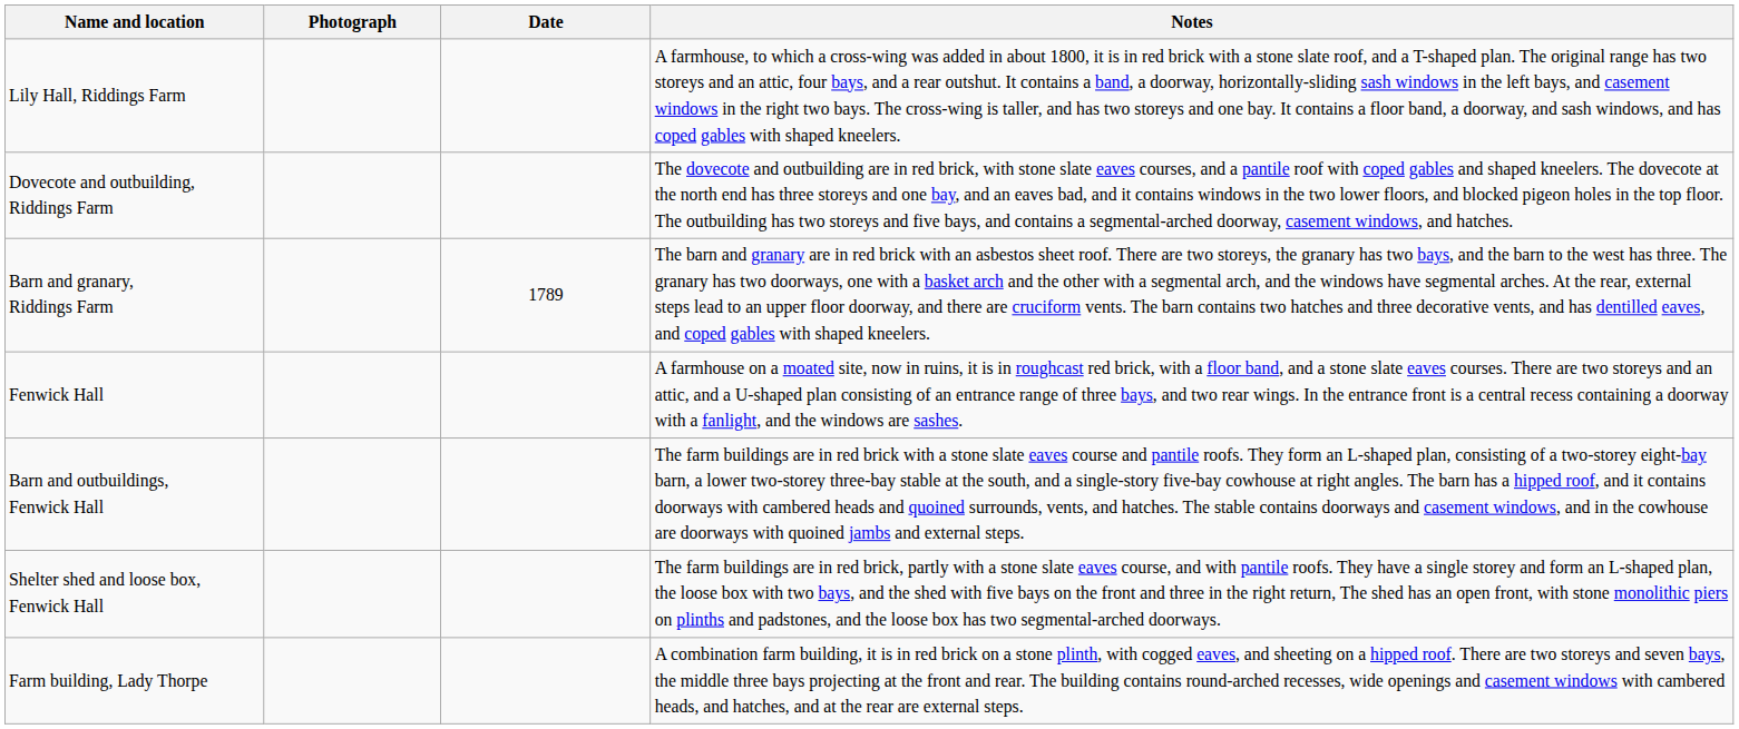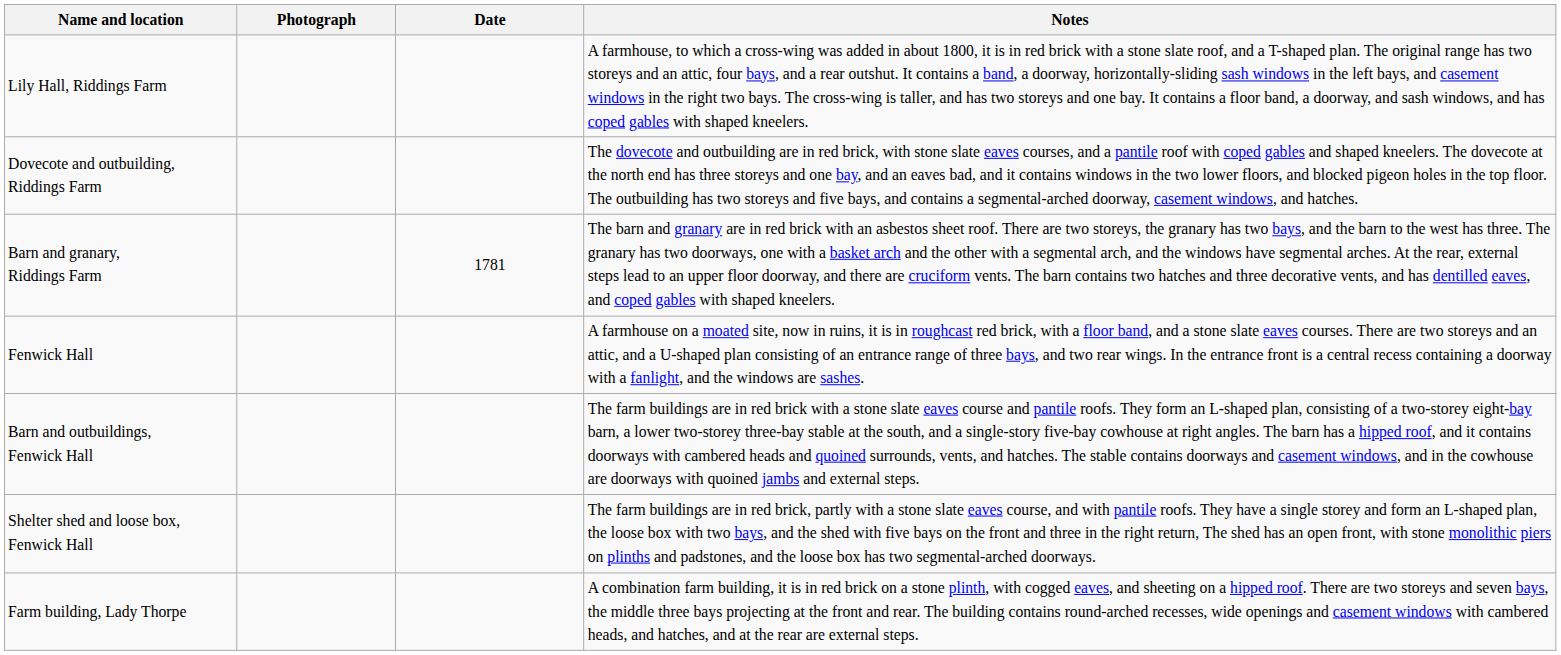 <table class="wikitable sortable plainrowheaders" style="width:100%;border:0px;text-align:left;line-height:150%;">
 <tr>
 <th scope="col"  style="width:150px">Name and location</th>
 <th scope="col"  style="width:100px" class="unsortable">Photograph</th>
 <th scope="col"  style="width:120px">Date</th>
 <th scope="col"  style="width:650px" class="unsortable">Notes</th>
 </tr>
 <tr>
 <td>Lily Hall, Riddings Farm<br><small></small></td>
 <td></td>
 <td align="center"></td>
 <td>A farmhouse, to which a cross-wing was added in about 1800, it is in red brick with a stone slate roof, and a T-shaped plan.  The original range has two storeys and an attic, four <a href='#'>bays</a>, and a rear outshut.  It contains a <a href='#'>band</a>, a doorway, horizontally-sliding <a href='#'>sash windows</a> in the left bays, and <a href='#'>casement windows</a> in the right two bays.  The cross-wing is taller, and has two storeys and one bay.  It contains a floor band, a doorway, and sash windows, and has <a href='#'>coped</a> <a href='#'>gables</a> with shaped kneelers.</td>
 </tr>
 <tr>
 <td>Dovecote and outbuilding,<br>Riddings Farm<br><small></small></td>
 <td></td>
 <td align="center"></td>
 <td>The <a href='#'>dovecote</a> and outbuilding are in red brick, with stone slate <a href='#'>eaves</a> courses, and a <a href='#'>pantile</a> roof with <a href='#'>coped</a> <a href='#'>gables</a> and shaped kneelers.  The dovecote at the north end has three storeys and one <a href='#'>bay</a>, and an eaves bad, and it contains windows in the two lower floors, and blocked pigeon holes in the top floor.  The outbuilding has two storeys and five bays, and contains a segmental-arched doorway, <a href='#'>casement windows</a>, and hatches.</td>
 </tr>
 <tr>
 <td>Barn and granary,<br>Riddings Farm<br><small></small></td>
 <td></td>
-<td align="center">1789</td>
+<td align="center">1781</td>
 <td>The barn and <a href='#'>granary</a> are in red brick with an asbestos sheet roof.  There are two storeys, the granary has two <a href='#'>bays</a>, and the barn to the west has three.  The granary has two doorways, one with a <a href='#'>basket arch</a> and the other with a segmental arch, and the windows have segmental arches.  At the rear, external steps lead to an upper floor doorway, and there are <a href='#'>cruciform</a> vents.  The barn contains two hatches and three decorative vents, and has <a href='#'>dentilled</a> <a href='#'>eaves</a>, and <a href='#'>coped</a> <a href='#'>gables</a> with shaped kneelers.</td>
 </tr>
 <tr>
 <td>Fenwick Hall<br><small></small></td>
 <td></td>
 <td align="center"></td>
 <td>A farmhouse on a <a href='#'>moated</a> site, now in ruins, it is in <a href='#'>roughcast</a> red brick, with a <a href='#'>floor band</a>, and a stone slate <a href='#'>eaves</a> courses.  There are two storeys and an attic, and a U-shaped plan consisting of an entrance range of three <a href='#'>bays</a>, and two rear wings.  In the entrance front is a central recess containing a doorway with a <a href='#'>fanlight</a>, and the windows are <a href='#'>sashes</a>.</td>
 </tr>
 <tr>
 <td>Barn and outbuildings,<br>Fenwick Hall<br><small></small></td>
 <td></td>
 <td align="center"></td>
 <td>The farm buildings are in red brick with a stone slate <a href='#'>eaves</a> course and <a href='#'>pantile</a> roofs.  They form an L-shaped plan, consisting of a two-storey eight-<a href='#'>bay</a> barn, a lower two-storey three-bay stable at the south, and a single-story five-bay cowhouse at right angles.  The barn has a <a href='#'>hipped roof</a>, and it contains doorways with cambered heads and <a href='#'>quoined</a> surrounds, vents, and hatches.  The stable contains doorways and <a href='#'>casement windows</a>, and in the cowhouse are doorways with quoined <a href='#'>jambs</a> and external steps.</td>
 </tr>
 <tr>
 <td>Shelter shed and loose box,<br>Fenwick Hall<br><small></small></td>
 <td></td>
 <td align="center"></td>
 <td>The farm buildings are in red brick, partly with a stone slate <a href='#'>eaves</a> course, and with <a href='#'>pantile</a> roofs.  They have a single storey and form an L-shaped plan, the loose box with two <a href='#'>bays</a>, and the shed with five bays on the front and three in the right return,  The shed has an open front, with stone <a href='#'>monolithic</a> <a href='#'>piers</a> on <a href='#'>plinths</a> and padstones, and the loose box has two segmental-arched doorways.</td>
 </tr>
 <tr>
 <td>Farm building, Lady Thorpe<br><small></small></td>
 <td></td>
 <td align="center"></td>
 <td>A combination farm building, it is in red brick on a stone <a href='#'>plinth</a>, with cogged <a href='#'>eaves</a>, and sheeting on a <a href='#'>hipped roof</a>.  There are two storeys and seven <a href='#'>bays</a>, the middle three bays projecting at the front and rear.  The building contains round-arched recesses, wide openings and <a href='#'>casement windows</a> with cambered heads, and hatches, and at the rear are external steps.</td>
 </tr>
 <tr>
 </tr>
 </table>
